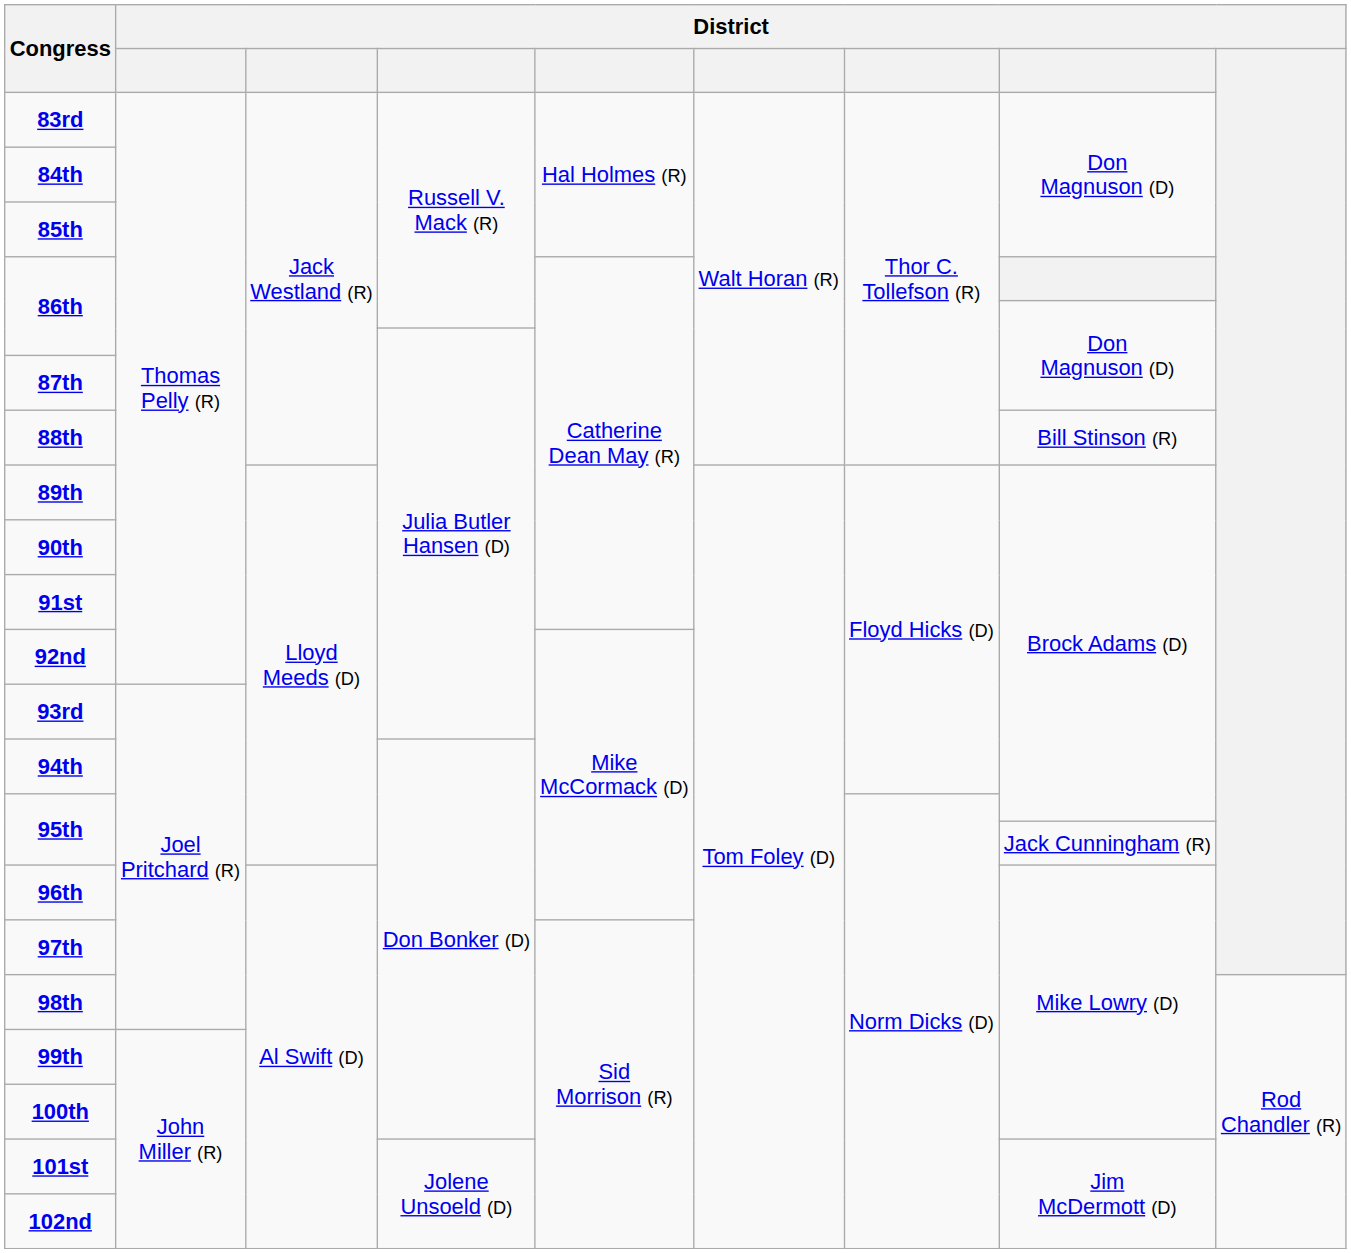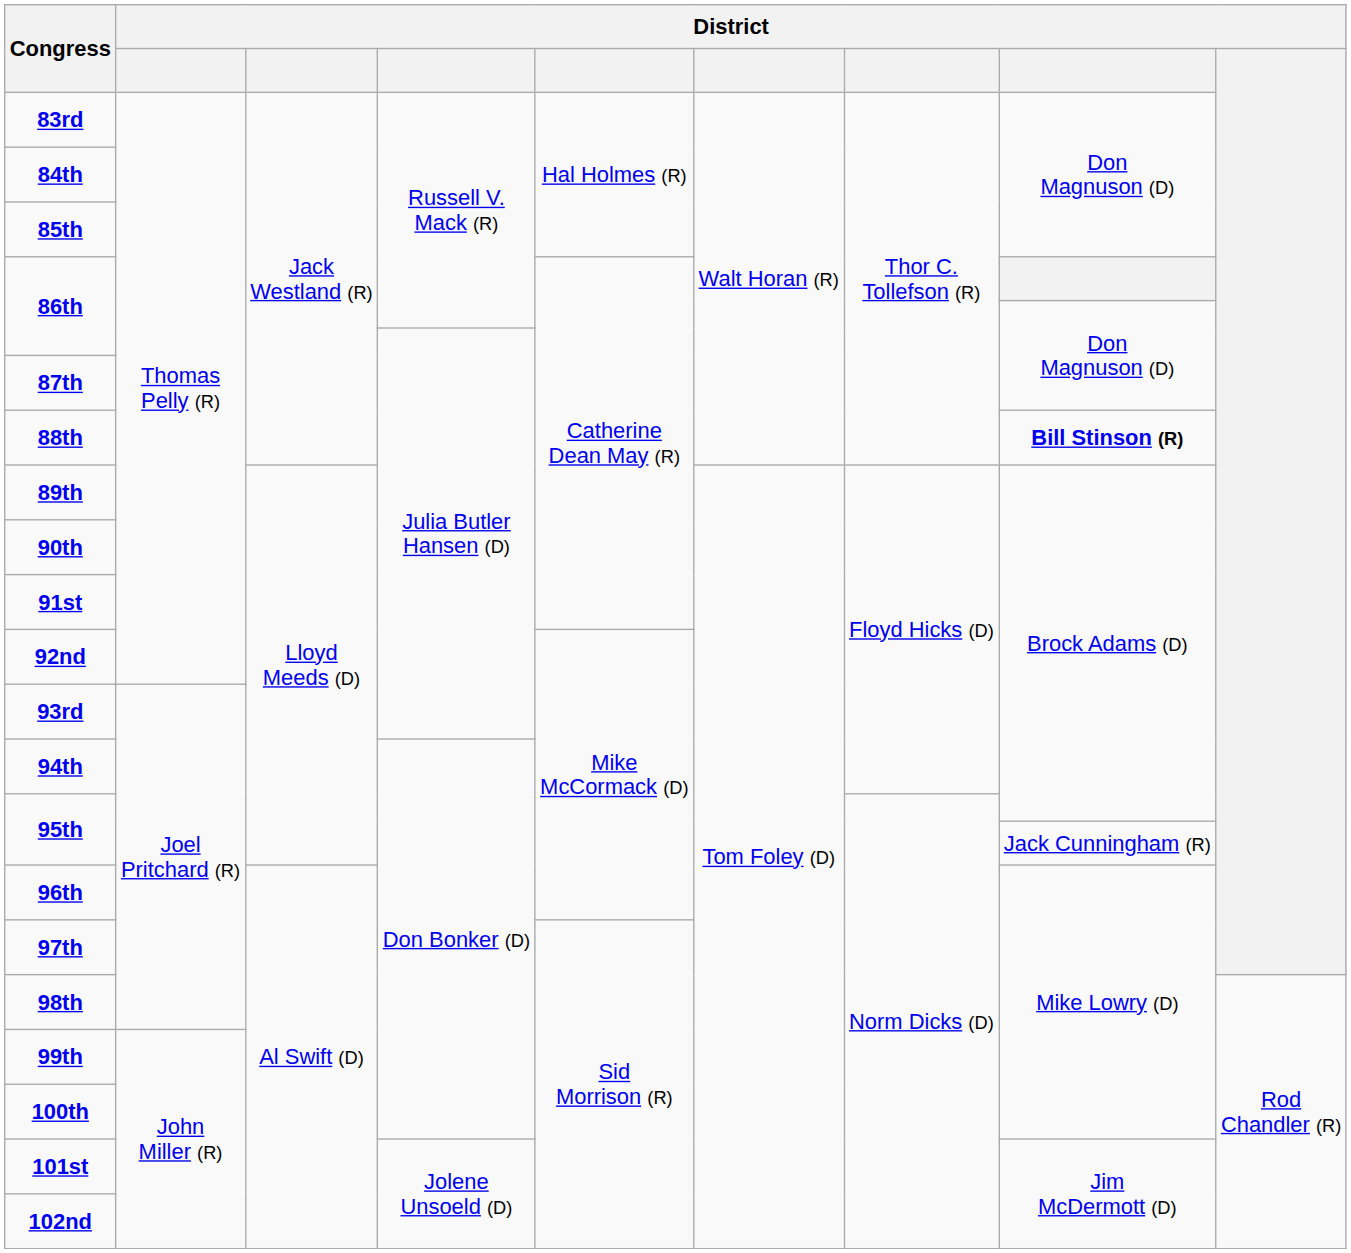 <table class=wikitable style="text-align:center">
 <tr style="height:2em">
 <th rowspan="2">Congress</th>
 <th colspan=8>District</th>
 </tr>
 <tr style="height:2em">
 <th></th>
 <th></th>
 <th></th>
 <th></th>
 <th></th>
 <th></th>
 <th></th>
 <th rowspan=19 style=vertical-align:bottom></th>
 </tr>
 <tr style="height:2.5em">
 <td><strong><a href='#'>83rd</a></strong> </td>
 <td rowspan=12 ><a href='#'>Thomas<br>Pelly</a> <small>(R)</small></td>
 <td rowspan=8 ><a href='#'>Jack<br>Westland</a> <small>(R)</small></td>
 <td rowspan="5" ><a href='#'>Russell V.<br>Mack</a> <small>(R)</small></td>
 <td rowspan="3" ><a href='#'>Hal Holmes</a> <small>(R)</small></td>
 <td rowspan="8" ><a href='#'>Walt Horan</a> <small>(R)</small></td>
 <td rowspan="8" ><a href='#'>Thor C.<br>Tollefson</a> <small>(R)</small></td>
 <td rowspan=3 ><a href='#'>Don<br>Magnuson</a> <small>(D)</small></td>
 </tr>
 <tr style="height:2.5em">
 <td><strong><a href='#'>84th</a></strong> </td>
 </tr>
 <tr style="height:2.5em">
 <td><strong><a href='#'>85th</a></strong> </td>
 </tr>
 <tr style="height:2em">
 <td rowspan=3><strong><a href='#'>86th</a></strong> </td>
 <td rowspan=8 ><a href='#'>Catherine<br>Dean May</a> <small>(R)</small></td>
 <th></th>
 </tr>
 <tr style="height:1.25em">
 <td rowspan=3 ><a href='#'>Don<br>Magnuson</a> <small>(D)</small></td>
 </tr>
 <tr style="height:1.25em">
 <td rowspan=8 ><a href='#'>Julia Butler<br>Hansen</a> <small>(D)</small></td>
 </tr>
 <tr style="height:2.5em">
 <td><strong><a href='#'>87th</a></strong> </td>
 </tr>
 <tr style="height:2.5em">
 <td><strong><a href='#'>88th</a></strong> </td>
-<td><a href='#'>Bill Stinson</a> <small>(R)</small></td>
+<td><strong><a href='#'>Bill Stinson</a> <small>(R)</small></strong></td>
 </tr>
 <tr style="height:2.5em">
 <td><strong><a href='#'>89th</a></strong> </td>
 <td rowspan=8 ><a href='#'>Lloyd<br>Meeds</a> <small>(D)</small></td>
 <td rowspan="15" ><a href='#'>Tom Foley</a> <small>(D)</small></td>
 <td rowspan=6 ><a href='#'>Floyd Hicks</a> <small>(D)</small></td>
 <td rowspan=7 ><a href='#'>Brock Adams</a> <small>(D)</small></td>
 </tr>
 <tr style="height:2.5em">
 <td><strong><a href='#'>90th</a></strong> </td>
 </tr>
 <tr style="height:2.5em">
 <td><strong><a href='#'>91st</a></strong> </td>
 </tr>
 <tr style="height:2.5em">
 <td><strong><a href='#'>92nd</a></strong> </td>
 <td rowspan=6 ><a href='#'>Mike<br>McCormack</a> <small>(D)</small></td>
 </tr>
 <tr style="height:2.5em">
 <td><strong><a href='#'>93rd</a></strong> </td>
 <td rowspan=7 ><a href='#'>Joel<br>Pritchard</a> <small>(R)</small></td>
 </tr>
 <tr style="height:2.5em">
 <td><strong><a href='#'>94th</a></strong> </td>
 <td rowspan=8 ><a href='#'>Don Bonker</a> <small>(D)</small></td>
 </tr>
 <tr style="height:1.25em">
 <td rowspan=2><strong><a href='#'>95th</a></strong> </td>
 <td rowspan="9" ><a href='#'>Norm Dicks</a> <small>(D)</small></td>
 </tr>
 <tr style="height:2em">
 <td><a href='#'>Jack Cunningham</a> <small>(R)</small></td>
 </tr>
 <tr style="height:2.5em">
 <td><strong><a href='#'>96th</a></strong> </td>
 <td rowspan="7" ><a href='#'>Al Swift</a> <small>(D)</small></td>
 <td rowspan=5 ><a href='#'>Mike Lowry</a> <small>(D)</small></td>
 </tr>
 <tr style="height:2.5em">
 <td><strong><a href='#'>97th</a></strong> </td>
 <td rowspan=6 ><a href='#'>Sid<br>Morrison</a> <small>(R)</small></td>
 </tr>
 <tr style="height:2.5em">
 <td><strong><a href='#'>98th</a></strong> </td>
 <td rowspan=5 ><a href='#'>Rod<br>Chandler</a> <small>(R)</small></td>
 </tr>
 <tr style="height:2.5em">
 <td><strong><a href='#'>99th</a></strong> </td>
 <td rowspan=4 ><a href='#'>John<br>Miller</a> <small>(R)</small></td>
 </tr>
 <tr style="height:2.5em">
 <td><strong><a href='#'>100th</a></strong> </td>
 </tr>
 <tr style="height:2.5em">
 <td><strong><a href='#'>101st</a></strong> </td>
 <td rowspan="2" ><a href='#'>Jolene<br>Unsoeld</a> <small>(D)</small></td>
 <td rowspan="2" ><a href='#'>Jim<br>McDermott</a> <small>(D)</small></td>
 </tr>
 <tr style="height:2.5em">
 <td><strong><a href='#'>102nd</a></strong> </td>
 </tr>
 </table>
